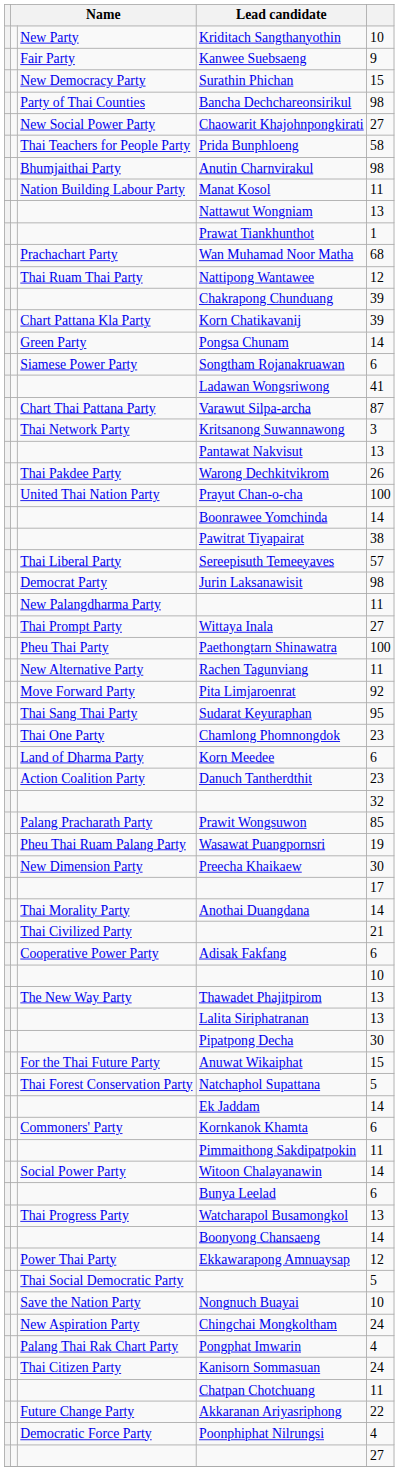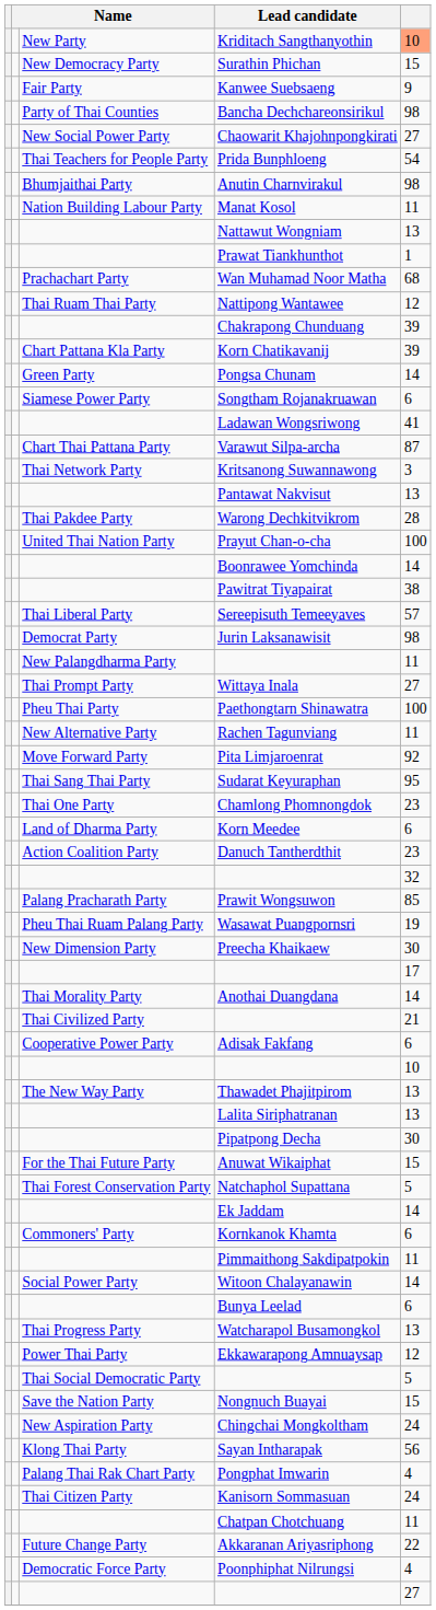 <table class="wikitable collapsible sortable" style="text-align:left">
 <tr>
 <th></th>
 <th colspan="2">Name</th>
 <th>Lead candidate</th>
 <th></th>
 </tr>
 <tr>
 <th></th>
 <td style="color:inherit;background:"></td>
 <td><a href='#'>New Party</a></td>
 <td><a href='#'>Kriditach Sangthanyothin</a></td>
-<td>10</td>
+<td style="background: lightsalmon;">10</td>
+</tr>
+<tr>
+<th></th>
+<td style="color:inherit;background:"></td>
+<td><a href='#'>New Democracy Party</a></td>
+<td><a href='#'>Surathin Phichan</a></td>
+<td>15</td>
 </tr>
 <tr>
 <th></th>
 <td style="color:inherit;background:"></td>
 <td><a href='#'>Fair Party</a></td>
 <td><a href='#'>Kanwee Suebsaeng</a></td>
 <td>9</td>
-</tr>
-<tr>
-<th></th>
-<td style="color:inherit;background:"></td>
-<td><a href='#'>New Democracy Party</a></td>
-<td><a href='#'>Surathin Phichan</a></td>
-<td>15</td>
 </tr>
 <tr>
 <th></th>
 <td style="color:inherit;background:"></td>
 <td><a href='#'>Party of Thai Counties</a></td>
 <td><a href='#'>Bancha Dechchareonsirikul</a></td>
 <td>98</td>
 </tr>
 <tr>
 <th></th>
 <td style="color:inherit;background:"></td>
 <td><a href='#'>New Social Power Party</a></td>
 <td><a href='#'>Chaowarit Khajohnpongkirati</a></td>
 <td>27</td>
 </tr>
 <tr>
 <th></th>
 <td style="color:inherit;background:"></td>
 <td><a href='#'>Thai Teachers for People Party</a></td>
 <td><a href='#'>Prida Bunphloeng</a></td>
-<td>58</td>
+<td>54</td>
 </tr>
 <tr>
 <th></th>
 <td style="color:inherit;background:"></td>
 <td><a href='#'>Bhumjaithai Party</a></td>
 <td><a href='#'>Anutin Charnvirakul</a></td>
 <td>98</td>
 </tr>
 <tr>
 <th></th>
 <td style="color:inherit;background:"></td>
 <td><a href='#'>Nation Building Labour Party</a></td>
 <td><a href='#'>Manat Kosol</a></td>
 <td>11</td>
 </tr>
 <tr>
 <th></th>
 <td style="color:inherit;background:"></td>
 <td></td>
 <td><a href='#'>Nattawut Wongniam</a></td>
 <td>13</td>
 </tr>
 <tr>
 <th></th>
 <td style="color:inherit;background:"></td>
 <td></td>
 <td><a href='#'>Prawat Tiankhunthot</a></td>
 <td>1</td>
 </tr>
 <tr>
 <th></th>
 <td style="color:inherit;background:"></td>
 <td><a href='#'>Prachachart Party</a></td>
 <td><a href='#'>Wan Muhamad Noor Matha</a></td>
 <td>68</td>
 </tr>
 <tr>
 <th></th>
 <td style="color:inherit;background:"></td>
 <td><a href='#'>Thai Ruam Thai Party</a></td>
 <td><a href='#'>Nattipong Wantawee</a></td>
 <td>12</td>
 </tr>
 <tr>
 <th></th>
 <td style="color:inherit;background:"></td>
 <td></td>
 <td><a href='#'>Chakrapong Chunduang</a></td>
 <td>39</td>
 </tr>
 <tr>
 <th></th>
 <td style="color:inherit;background:"></td>
 <td><a href='#'>Chart Pattana Kla Party</a></td>
 <td><a href='#'>Korn Chatikavanij</a></td>
 <td>39</td>
 </tr>
 <tr>
 <th></th>
 <td style="color:inherit;background:"></td>
 <td><a href='#'>Green Party</a></td>
 <td><a href='#'>Pongsa Chunam</a></td>
 <td>14</td>
 </tr>
 <tr>
 <th></th>
 <td style="color:inherit;background:"></td>
 <td><a href='#'>Siamese Power Party</a></td>
 <td><a href='#'>Songtham Rojanakruawan</a></td>
 <td>6</td>
 </tr>
 <tr>
 <th></th>
 <td style="color:inherit;background:"></td>
 <td></td>
 <td><a href='#'>Ladawan Wongsriwong</a></td>
 <td>41</td>
 </tr>
 <tr>
 <th></th>
 <td style="color:inherit;background:"></td>
 <td><a href='#'>Chart Thai Pattana Party</a></td>
 <td><a href='#'>Varawut Silpa-archa</a></td>
 <td>87</td>
 </tr>
 <tr>
 <th></th>
 <td style="color:inherit;background:"></td>
 <td><a href='#'>Thai Network Party</a></td>
 <td><a href='#'>Kritsanong Suwannawong</a></td>
 <td>3</td>
 </tr>
 <tr>
 <th></th>
 <td style="color:inherit;background:"></td>
 <td></td>
 <td><a href='#'>Pantawat Nakvisut</a></td>
 <td>13</td>
 </tr>
 <tr>
 <th></th>
 <td style="color:inherit;background:"></td>
 <td><a href='#'>Thai Pakdee Party</a></td>
 <td><a href='#'>Warong Dechkitvikrom</a></td>
-<td>26</td>
+<td>28</td>
 </tr>
 <tr>
 <th></th>
 <td style="color:inherit;background:"></td>
 <td><a href='#'>United Thai Nation Party</a></td>
 <td><a href='#'>Prayut Chan-o-cha</a></td>
 <td>100</td>
 </tr>
 <tr>
 <th></th>
 <td style="color:inherit;background:"></td>
 <td></td>
 <td><a href='#'>Boonrawee Yomchinda</a></td>
 <td>14</td>
 </tr>
 <tr>
 <th></th>
 <td style="color:inherit;background:"></td>
 <td></td>
 <td><a href='#'>Pawitrat Tiyapairat</a></td>
 <td>38</td>
 </tr>
 <tr>
 <th></th>
 <td style="color:inherit;background:"></td>
 <td><a href='#'>Thai Liberal Party</a></td>
 <td><a href='#'>Sereepisuth Temeeyaves</a></td>
 <td>57</td>
 </tr>
 <tr>
 <th></th>
 <td style="color:inherit;background:"></td>
 <td><a href='#'>Democrat Party</a></td>
 <td><a href='#'>Jurin Laksanawisit</a></td>
 <td>98</td>
 </tr>
 <tr>
 <th></th>
 <td style="color:inherit;background:"></td>
 <td><a href='#'>New Palangdharma Party</a></td>
 <td></td>
 <td>11</td>
 </tr>
 <tr>
 <th></th>
 <td style="color:inherit;background:"></td>
 <td><a href='#'>Thai Prompt Party</a></td>
 <td><a href='#'>Wittaya Inala</a></td>
 <td>27</td>
 </tr>
 <tr>
 <th></th>
 <td style="color:inherit;background:"></td>
 <td><a href='#'>Pheu Thai Party</a></td>
 <td><a href='#'>Paethongtarn Shinawatra</a></td>
 <td>100</td>
 </tr>
 <tr>
 <th></th>
 <td style="color:inherit;background:"></td>
 <td><a href='#'>New Alternative Party</a></td>
 <td><a href='#'>Rachen Tagunviang</a></td>
 <td>11</td>
 </tr>
 <tr>
 <th></th>
 <td style="color:inherit;background:"></td>
 <td><a href='#'>Move Forward Party</a></td>
 <td><a href='#'>Pita Limjaroenrat</a></td>
 <td>92</td>
 </tr>
 <tr>
 <th></th>
 <td style="color:inherit;background:"></td>
 <td><a href='#'>Thai Sang Thai Party</a></td>
 <td><a href='#'>Sudarat Keyuraphan</a></td>
 <td>95</td>
 </tr>
 <tr>
 <th></th>
 <td style="color:inherit;background:"></td>
 <td><a href='#'>Thai One Party</a></td>
 <td><a href='#'>Chamlong Phomnongdok</a></td>
 <td>23</td>
 </tr>
 <tr>
 <th></th>
 <td style="color:inherit;background:"></td>
 <td><a href='#'>Land of Dharma Party</a></td>
 <td><a href='#'>Korn Meedee</a></td>
 <td>6</td>
 </tr>
 <tr>
 <th></th>
 <td style="color:inherit;background:"></td>
 <td><a href='#'>Action Coalition Party</a></td>
 <td><a href='#'>Danuch Tantherdthit</a></td>
 <td>23</td>
 </tr>
 <tr>
 <th></th>
 <td style="color:inherit;background:"></td>
 <td></td>
 <td></td>
 <td>32</td>
 </tr>
 <tr>
 <th></th>
 <td style="color:inherit;background:"></td>
 <td><a href='#'>Palang Pracharath Party</a></td>
 <td><a href='#'>Prawit Wongsuwon</a></td>
 <td>85</td>
 </tr>
 <tr>
 <th></th>
 <td style="color:inherit;background:"></td>
 <td><a href='#'>Pheu Thai Ruam Palang Party</a></td>
 <td><a href='#'>Wasawat Puangpornsri</a></td>
 <td>19</td>
 </tr>
 <tr>
 <th></th>
 <td style="color:inherit;background:"></td>
 <td><a href='#'>New Dimension Party</a></td>
 <td><a href='#'>Preecha Khaikaew</a></td>
 <td>30</td>
 </tr>
 <tr>
 <th></th>
 <td style="color:inherit;background:"></td>
 <td></td>
 <td></td>
 <td>17</td>
 </tr>
 <tr>
 <th></th>
 <td style="color:inherit;background:"></td>
 <td><a href='#'>Thai Morality Party</a></td>
 <td><a href='#'>Anothai Duangdana</a></td>
 <td>14</td>
 </tr>
 <tr>
 <th></th>
 <td style="color:inherit;background:"></td>
 <td><a href='#'>Thai Civilized Party</a></td>
 <td></td>
 <td>21</td>
 </tr>
 <tr>
 <th></th>
 <td style="color:inherit;background:"></td>
 <td><a href='#'>Cooperative Power Party</a></td>
 <td><a href='#'>Adisak Fakfang</a></td>
 <td>6</td>
 </tr>
 <tr>
 <th></th>
 <td style="color:inherit;background:"></td>
 <td></td>
 <td></td>
 <td>10</td>
 </tr>
 <tr>
 <th></th>
 <td style="color:inherit;background:"></td>
 <td><a href='#'>The New Way Party</a></td>
 <td><a href='#'>Thawadet Phajitpirom</a></td>
 <td>13</td>
 </tr>
 <tr>
 <th></th>
 <td style="color:inherit;background:"></td>
 <td></td>
 <td><a href='#'>Lalita Siriphatranan</a></td>
 <td>13</td>
 </tr>
 <tr>
 <th></th>
 <td style="color:inherit;background:"></td>
 <td></td>
 <td><a href='#'>Pipatpong Decha</a></td>
 <td>30</td>
 </tr>
 <tr>
 <th></th>
 <td style="color:inherit;background:"></td>
 <td><a href='#'>For the Thai Future Party</a></td>
 <td><a href='#'>Anuwat Wikaiphat</a></td>
 <td>15</td>
 </tr>
 <tr>
 <th></th>
 <td style="color:inherit;background:"></td>
 <td><a href='#'>Thai Forest Conservation Party</a></td>
 <td><a href='#'>Natchaphol Supattana</a></td>
 <td>5</td>
 </tr>
 <tr>
 <th></th>
 <td style="color:inherit;background:"></td>
 <td></td>
 <td><a href='#'>Ek Jaddam</a></td>
 <td>14</td>
 </tr>
 <tr>
 <th></th>
 <td style="color:inherit;background:"></td>
 <td><a href='#'>Commoners' Party</a></td>
 <td><a href='#'>Kornkanok Khamta</a></td>
 <td>6</td>
 </tr>
 <tr>
 <th></th>
 <td style="color:inherit;background:"></td>
 <td></td>
 <td><a href='#'>Pimmaithong Sakdipatpokin</a></td>
 <td>11</td>
 </tr>
 <tr>
 <th></th>
 <td style="color:inherit;background:"></td>
 <td><a href='#'>Social Power Party</a></td>
 <td><a href='#'>Witoon Chalayanawin</a></td>
 <td>14</td>
 </tr>
 <tr>
 <th></th>
 <td style="color:inherit;background:"></td>
 <td></td>
 <td><a href='#'>Bunya Leelad</a></td>
 <td>6</td>
 </tr>
 <tr>
 <th></th>
 <td style="color:inherit;background:"></td>
 <td><a href='#'>Thai Progress Party</a></td>
 <td><a href='#'>Watcharapol Busamongkol</a></td>
 <td>13</td>
 </tr>
 <tr>
 <th></th>
 <td style="color:inherit;background:"></td>
-<td></td>
-<td><a href='#'>Boonyong Chansaeng</a></td>
-<td>14</td>
-</tr>
-<tr>
-<th></th>
-<td style="color:inherit;background:"></td>
 <td><a href='#'>Power Thai Party</a></td>
 <td><a href='#'>Ekkawarapong Amnuaysap</a></td>
 <td>12</td>
 </tr>
 <tr>
 <th></th>
 <td style="color:inherit;background:"></td>
 <td><a href='#'>Thai Social Democratic Party</a></td>
 <td></td>
 <td>5</td>
 </tr>
 <tr>
 <th></th>
 <td style="color:inherit;background:"></td>
 <td><a href='#'>Save the Nation Party</a></td>
 <td><a href='#'>Nongnuch Buayai</a></td>
-<td>10</td>
+<td>15</td>
 </tr>
 <tr>
 <th></th>
 <td style="color:inherit;background:"></td>
 <td><a href='#'>New Aspiration Party</a></td>
 <td><a href='#'>Chingchai Mongkoltham</a></td>
 <td>24</td>
+</tr>
+<tr>
+<th></th>
+<td style="color:inherit;background:"></td>
+<td><a href='#'>Klong Thai Party</a></td>
+<td><a href='#'>Sayan Intharapak</a></td>
+<td>56</td>
 </tr>
 <tr>
 <th></th>
 <td style="color:inherit;background:"></td>
 <td><a href='#'>Palang Thai Rak Chart Party</a></td>
 <td><a href='#'>Pongphat Imwarin</a></td>
 <td>4</td>
 </tr>
 <tr>
 <th></th>
 <td style="color:inherit;background:"></td>
 <td><a href='#'>Thai Citizen Party</a></td>
 <td><a href='#'>Kanisorn Sommasuan</a></td>
 <td>24</td>
 </tr>
 <tr>
 <th></th>
 <td style="color:inherit;background:"></td>
 <td></td>
 <td><a href='#'>Chatpan Chotchuang</a></td>
 <td>11</td>
 </tr>
 <tr>
 <th></th>
 <td style="color:inherit;background:"></td>
 <td><a href='#'>Future Change Party</a></td>
 <td><a href='#'>Akkaranan Ariyasriphong</a></td>
 <td>22</td>
 </tr>
 <tr>
 <th></th>
 <td style="color:inherit;background:"></td>
 <td><a href='#'>Democratic Force Party</a></td>
 <td><a href='#'>Poonphiphat Nilrungsi</a></td>
 <td>4</td>
 </tr>
 <tr>
 <th></th>
 <td style="color:inherit;background:"></td>
 <td></td>
 <td></td>
 <td>27</td>
 </tr>
 <tr>
 </tr>
 </table>
